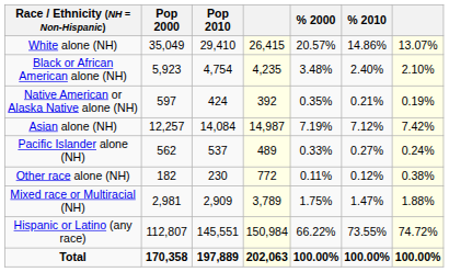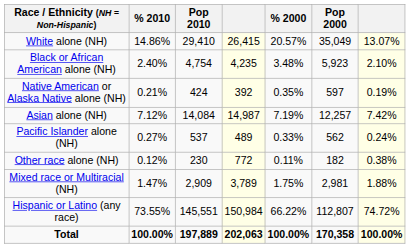 <table class="wikitable" style="text-align:center;">
 <tr>
 <th>Race / Ethnicity <small>(<em>NH = Non-Hispanic</em>)</small></th>
-<th>Pop 2000</th>
+<th>% 2010</th>
 <th>Pop 2010</th>
 <th></th>
 <th>% 2000</th>
-<th>% 2010</th>
+<th>Pop 2000</th>
 <th></th>
 </tr>
 <tr>
 <td><a href='#'>White</a> alone (NH)</td>
-<td>35,049</td>
+<td>14.86%</td>
 <td>29,410</td>
 <td style='background: #ffffe6;'>26,415</td>
 <td>20.57%</td>
-<td>14.86%</td>
+<td>35,049</td>
 <td style='background: #ffffe6;'>13.07%</td>
 </tr>
 <tr>
 <td><a href='#'>Black or African American</a> alone (NH)</td>
-<td>5,923</td>
+<td>2.40%</td>
 <td>4,754</td>
 <td style='background: #ffffe6;'>4,235</td>
 <td>3.48%</td>
-<td>2.40%</td>
+<td>5,923</td>
 <td style='background: #ffffe6;'>2.10%</td>
 </tr>
 <tr>
 <td><a href='#'>Native American</a> or <a href='#'>Alaska Native</a> alone (NH)</td>
-<td>597</td>
+<td>0.21%</td>
 <td>424</td>
 <td style='background: #ffffe6;'>392</td>
 <td>0.35%</td>
-<td>0.21%</td>
+<td>597</td>
 <td style='background: #ffffe6;'>0.19%</td>
 </tr>
 <tr>
 <td><a href='#'>Asian</a> alone (NH)</td>
-<td>12,257</td>
+<td>7.12%</td>
 <td>14,084</td>
 <td style='background: #ffffe6;'>14,987</td>
 <td>7.19%</td>
-<td>7.12%</td>
+<td>12,257</td>
 <td style='background: #ffffe6;'>7.42%</td>
 </tr>
 <tr>
 <td><a href='#'>Pacific Islander</a> alone (NH)</td>
-<td>562</td>
+<td>0.27%</td>
 <td>537</td>
 <td style='background: #ffffe6;'>489</td>
 <td>0.33%</td>
-<td>0.27%</td>
+<td>562</td>
 <td style='background: #ffffe6;'>0.24%</td>
 </tr>
 <tr>
 <td><a href='#'>Other race</a> alone (NH)</td>
-<td>182</td>
+<td>0.12%</td>
 <td>230</td>
 <td style='background: #ffffe6;'>772</td>
 <td>0.11%</td>
-<td>0.12%</td>
+<td>182</td>
 <td style='background: #ffffe6;'>0.38%</td>
 </tr>
 <tr>
 <td><a href='#'>Mixed race or Multiracial</a> (NH)</td>
-<td>2,981</td>
+<td>1.47%</td>
 <td>2,909</td>
 <td style='background: #ffffe6;'>3,789</td>
 <td>1.75%</td>
-<td>1.47%</td>
+<td>2,981</td>
 <td style='background: #ffffe6;'>1.88%</td>
 </tr>
 <tr>
 <td><a href='#'>Hispanic or Latino</a> (any race)</td>
-<td>112,807</td>
+<td>73.55%</td>
 <td>145,551</td>
 <td style='background: #ffffe6;'>150,984</td>
 <td>66.22%</td>
-<td>73.55%</td>
+<td>112,807</td>
 <td style='background: #ffffe6;'>74.72%</td>
 </tr>
 <tr>
 <td><strong>Total</strong></td>
-<td><strong>170,358</strong></td>
+<td><strong>100.00%</strong></td>
 <td><strong>197,889</strong></td>
 <td style='background: #ffffe6;'><strong>202,063</strong></td>
 <td><strong>100.00%</strong></td>
-<td><strong>100.00%</strong></td>
+<td><strong>170,358</strong></td>
 <td style='background: #ffffe6;'><strong>100.00%</strong></td>
 </tr>
 </table>
